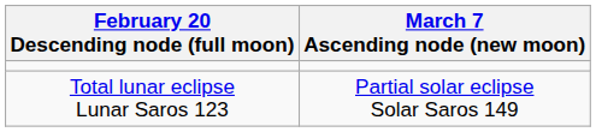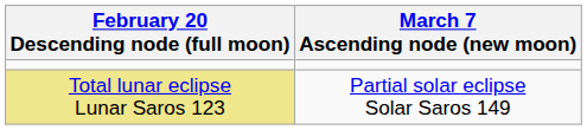 <table class="wikitable">
 <tr>
 <th><a href='#'>February 20</a><br>Descending node (full moon)<br></th>
 <th><a href='#'>March 7</a><br>Ascending node (new moon)<br></th>
 </tr>
 <tr>
 <td></td>
 <td></td>
 </tr>
 <tr align=center>
-<td><a href='#'>Total lunar eclipse</a><br>Lunar Saros 123</td>
+<td style="background: khaki;"><a href='#'>Total lunar eclipse</a><br>Lunar Saros 123</td>
 <td><a href='#'>Partial solar eclipse</a><br>Solar Saros 149</td>
 </tr>
 </table>
